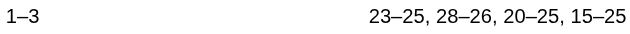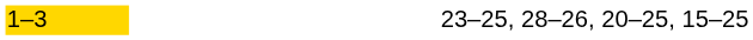 <table>
 <tr>
 <th width=200></th>
 <th width=80></th>
 <th width=200></th>
 <th width=220></th>
 </tr>
 <tr>
 <td align=right></td>
-<td>1–3</td>
+<td style="background: gold;">1–3</td>
 <td><strong></strong></td>
 <td>23–25, 28–26, 20–25, 15–25</td>
 </tr>
 </table>
